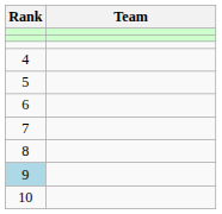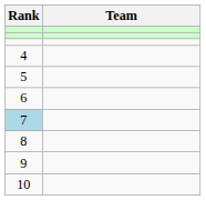 <table class=wikitable style="text-align:center;">
 <tr>
 <th>Rank</th>
 <th width=180>Team</th>
 </tr>
 <tr bgcolor=#CCFFCC>
 <td></td>
 <td align=left></td>
 </tr>
 <tr bgcolor=#CCFFCC>
 <td></td>
 <td align=left></td>
 </tr>
 <tr>
 <td></td>
 <td align=left></td>
 </tr>
 <tr>
 <td>4</td>
 <td align=left></td>
 </tr>
 <tr>
 <td>5</td>
 <td align=left></td>
 </tr>
 <tr>
 <td>6</td>
 <td align=left></td>
 </tr>
 <tr>
-<td>7</td>
+<td style="background: lightblue;">7</td>
 <td align=left></td>
 </tr>
 <tr>
 <td>8</td>
 <td align=left></td>
 </tr>
 <tr>
-<td style="background: lightblue;">9</td>
+<td>9</td>
 <td align=left></td>
 </tr>
 <tr>
 <td>10</td>
 <td align=left></td>
 </tr>
 </table>
